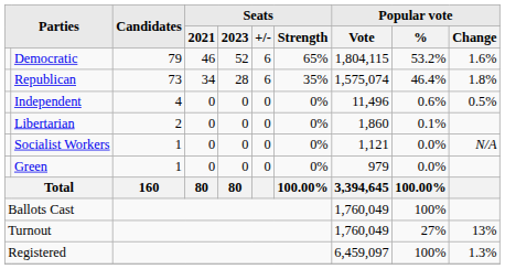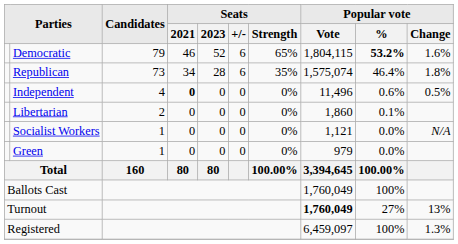 <table class=wikitable>
 <tr>
 <th style="background-color:#E9E9E9" align=center rowspan= 2 colspan=2>Parties</th>
 <th style="background-color:#E9E9E9" align=center rowspan= 2>Candidates</th>
 <th style="background-color:#E9E9E9" align=center colspan=4>Seats</th>
 <th style="background-color:#E9E9E9" align=center colspan=3>Popular vote</th>
 </tr>
 <tr>
 <th align=center>2021</th>
 <th align=center>2023</th>
 <th align=center>+/-</th>
 <th align=center>Strength</th>
 <th align=center>Vote</th>
 <th align=center>%</th>
 <th align=center>Change</th>
 </tr>
 <tr>
 <td></td>
 <td align=left><a href='#'>Democratic</a></td>
 <td align=right>79</td>
 <td align=right>46</td>
 <td align=right>52</td>
 <td align=right>6</td>
 <td align=right>65%</td>
 <td align=right>1,804,115</td>
-<td align=right>53.2%</td>
+<td align=right><strong>53.2%</strong></td>
 <td align=right> 1.6%</td>
 </tr>
 <tr>
 <td></td>
 <td align=left><a href='#'>Republican</a></td>
 <td align=right>73</td>
 <td align=right>34</td>
 <td align=right>28</td>
 <td align=right>6</td>
 <td align=right>35%</td>
 <td align=right>1,575,074</td>
 <td align=right>46.4%</td>
 <td align=right> 1.8%</td>
 </tr>
 <tr>
 <td></td>
 <td><a href='#'>Independent</a></td>
 <td align=right>4</td>
-<td align=right>0</td>
+<td align=right><strong>0</strong></td>
 <td align=right>0</td>
 <td align=right>0</td>
 <td align=right>0%</td>
 <td align=right>11,496</td>
 <td align=right>0.6%</td>
 <td align=right> 0.5%</td>
 </tr>
 <tr>
 <td></td>
 <td><a href='#'>Libertarian</a></td>
 <td align=right>2</td>
 <td align=right>0</td>
 <td align=right>0</td>
 <td align=right>0</td>
 <td align=right>0%</td>
 <td align=right>1,860</td>
 <td align=right>0.1%</td>
 <td align=right></td>
 </tr>
 <tr>
 <td></td>
 <td><a href='#'>Socialist Workers</a></td>
 <td align=right>1</td>
 <td align=right>0</td>
 <td align=right>0</td>
 <td align=right>0</td>
 <td align=right>0%</td>
 <td align=right>1,121</td>
 <td align=right>0.0%</td>
 <td align=right><em>N/A</em></td>
 </tr>
 <tr>
 <td></td>
 <td><a href='#'>Green</a></td>
 <td align=right>1</td>
 <td align=right>0</td>
 <td align=right>0</td>
 <td align=right>0</td>
 <td align=right>0%</td>
 <td align=right>979</td>
 <td align=right>0.0%</td>
 <td align=right></td>
 </tr>
 <tr>
 <th align=center colspan="2">Total</th>
 <th align=center>160</th>
 <th align=center>80</th>
 <th align=center>80</th>
 <th align=center></th>
 <th align=center>100.00%</th>
 <th align=center>3,394,645</th>
 <th align=center>100.00%</th>
 <th align=center></th>
 </tr>
 <tr>
 <td align=left colspan="2">Ballots Cast</td>
 <td colspan=5></td>
 <td align=right>1,760,049</td>
 <td align=right>100%</td>
 <td align=right></td>
 </tr>
 <tr>
 <td align=left colspan="2">Turnout</td>
 <td colspan=5></td>
-<td align=right>1,760,049</td>
+<td align=right><strong>1,760,049</strong></td>
 <td align=right>27%</td>
 <td align=right> 13%</td>
 </tr>
 <tr>
 <td align=left colspan="2">Registered</td>
 <td colspan=5></td>
 <td align=right>6,459,097</td>
 <td align=right>100%</td>
 <td align=right> 1.3%</td>
 </tr>
 <tr>
 </tr>
 </table>
